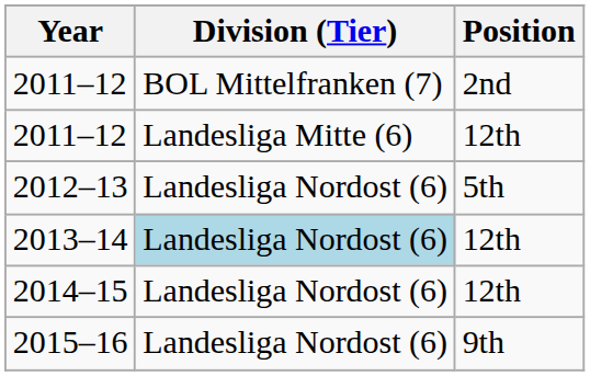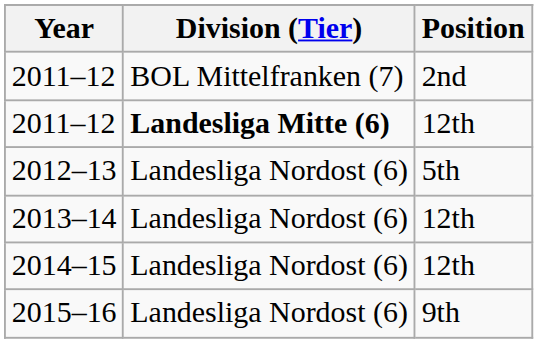 <table class="wikitable">
 <tr align="center" style="background:#dfdfdf">
 </tr>
 <tr>
 <th>Year</th>
 <th>Division (<a href='#'>Tier</a>)</th>
 <th>Position</th>
 </tr>
 <tr>
 <td>2011–12</td>
 <td>BOL Mittelfranken (7)</td>
 <td>2nd</td>
 </tr>
 <tr>
 <td>2011–12</td>
-<td>Landesliga Mitte (6)</td>
+<td><strong>Landesliga Mitte (6)</strong></td>
 <td>12th</td>
 </tr>
 <tr>
 <td>2012–13</td>
 <td>Landesliga Nordost (6)</td>
 <td>5th</td>
 </tr>
 <tr>
 <td>2013–14</td>
-<td style="background: lightblue;">Landesliga Nordost (6)</td>
+<td>Landesliga Nordost (6)</td>
 <td>12th</td>
 </tr>
 <tr>
 <td>2014–15</td>
 <td>Landesliga Nordost (6)</td>
 <td>12th</td>
 </tr>
 <tr>
 <td>2015–16</td>
 <td>Landesliga Nordost (6)</td>
 <td>9th</td>
 </tr>
 </table>
